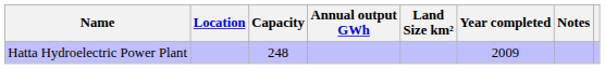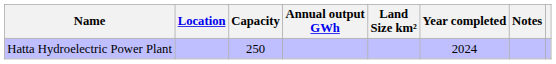 <table class="wikitable sortable">
 <tr>
 <th>Name</th>
 <th><a href='#'>Location</a></th>
 <th data-sort-type="number">Capacity<br></th>
 <th data-sort-type="number">Annual output<br><a href='#'>GWh</a></th>
 <th>Land<br>Size km²</th>
 <th data-sort-type="number">Year completed</th>
 <th class="unsortable">Notes</th>
 <th class="unsortable"></th>
 </tr>
 <tr bgcolor="#BFBFFF">
 <td>Hatta Hydroelectric Power Plant</td>
 <td></td>
-<td align="center">248</td>
+<td align="center">250</td>
 <td align="center"></td>
 <td align="center"></td>
-<td align="center">2009</td>
+<td align="center">2024</td>
 <td></td>
 <td></td>
 </tr>
 </table>
